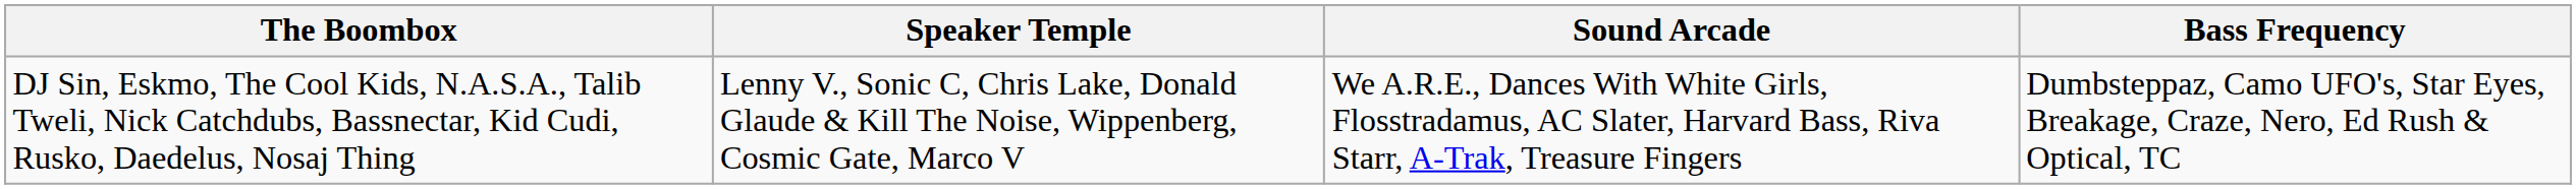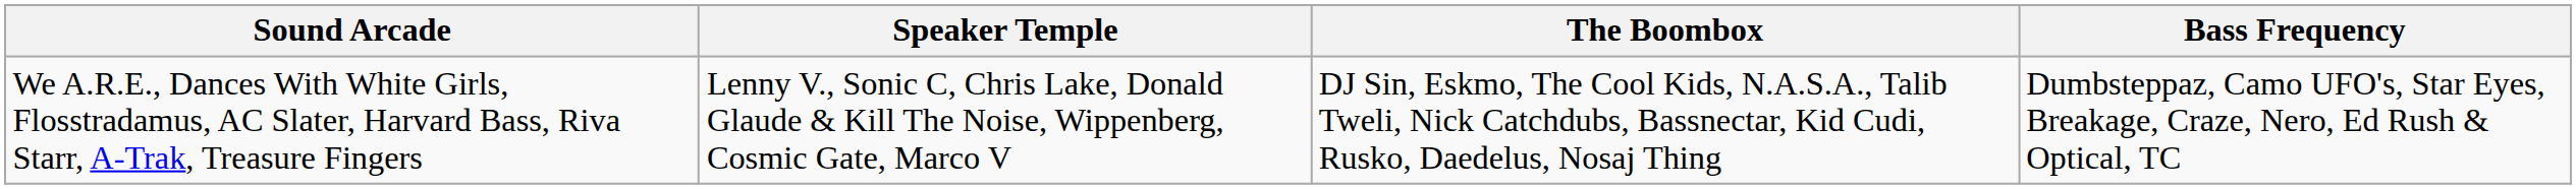 <table class="wikitable">
 <tr>
+<th>Sound Arcade</th>
+<th>Speaker Temple</th>
 <th>The Boombox</th>
-<th>Speaker Temple</th>
-<th>Sound Arcade</th>
 <th>Bass Frequency</th>
 </tr>
 <tr>
+<td>We A.R.E., Dances With White Girls, Flosstradamus, AC Slater, Harvard Bass, Riva Starr, <a href='#'>A-Trak</a>, Treasure Fingers</td>
+<td>Lenny V., Sonic C, Chris Lake, Donald Glaude & Kill The Noise, Wippenberg, Cosmic Gate, Marco V</td>
 <td>DJ Sin, Eskmo, The Cool Kids, N.A.S.A., Talib Tweli, Nick Catchdubs, Bassnectar, Kid Cudi, Rusko, Daedelus, Nosaj Thing</td>
-<td>Lenny V., Sonic C, Chris Lake, Donald Glaude & Kill The Noise, Wippenberg, Cosmic Gate, Marco V</td>
-<td>We A.R.E., Dances With White Girls, Flosstradamus, AC Slater, Harvard Bass, Riva Starr, <a href='#'>A-Trak</a>, Treasure Fingers</td>
 <td>Dumbsteppaz, Camo UFO's, Star Eyes, Breakage, Craze, Nero, Ed Rush & Optical, TC</td>
 </tr>
 </table>
